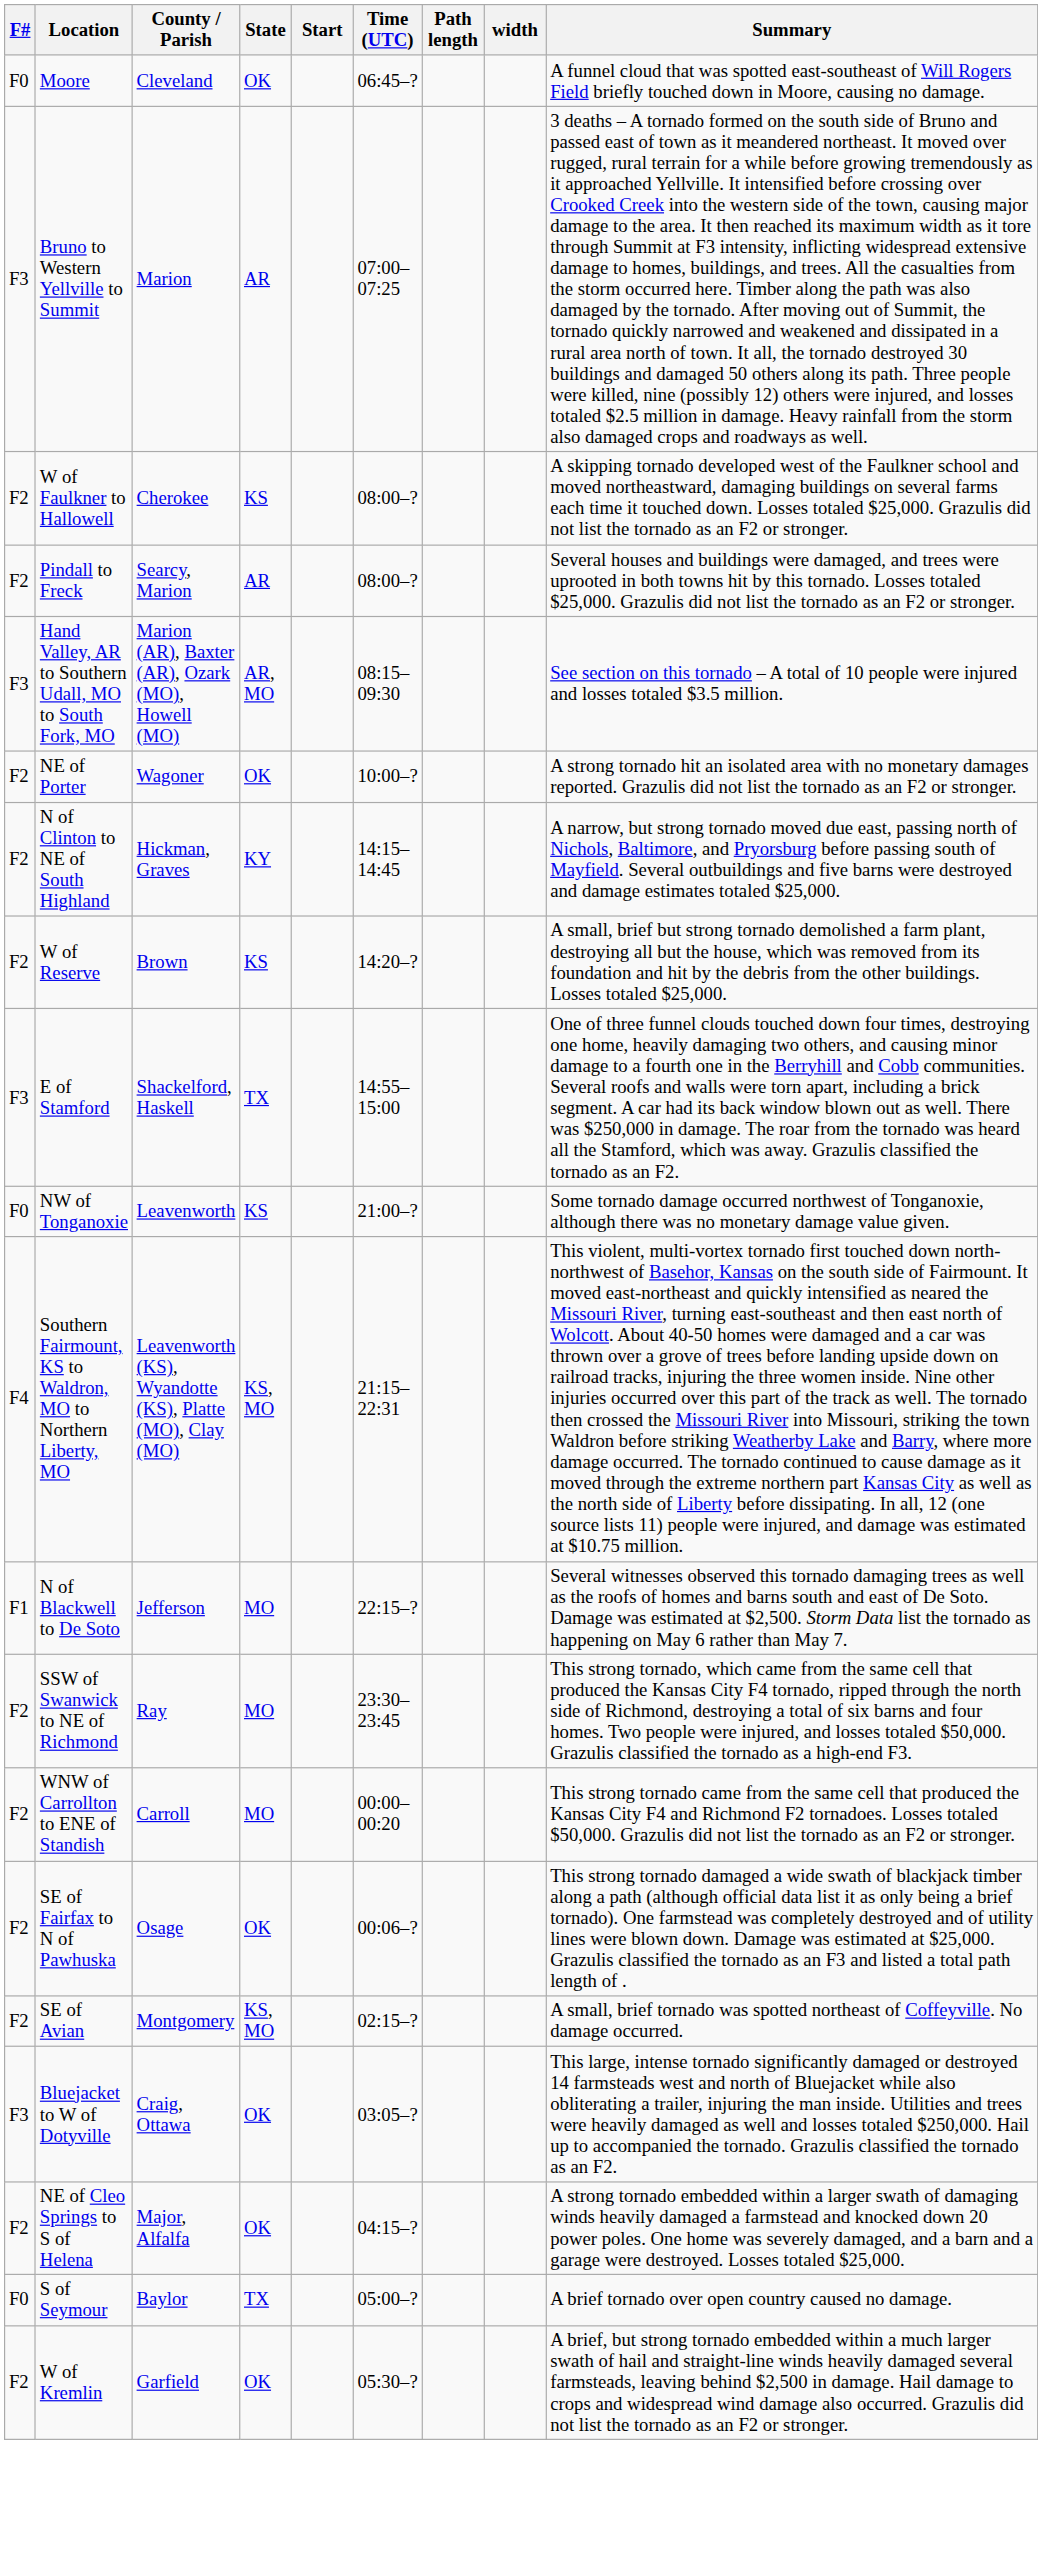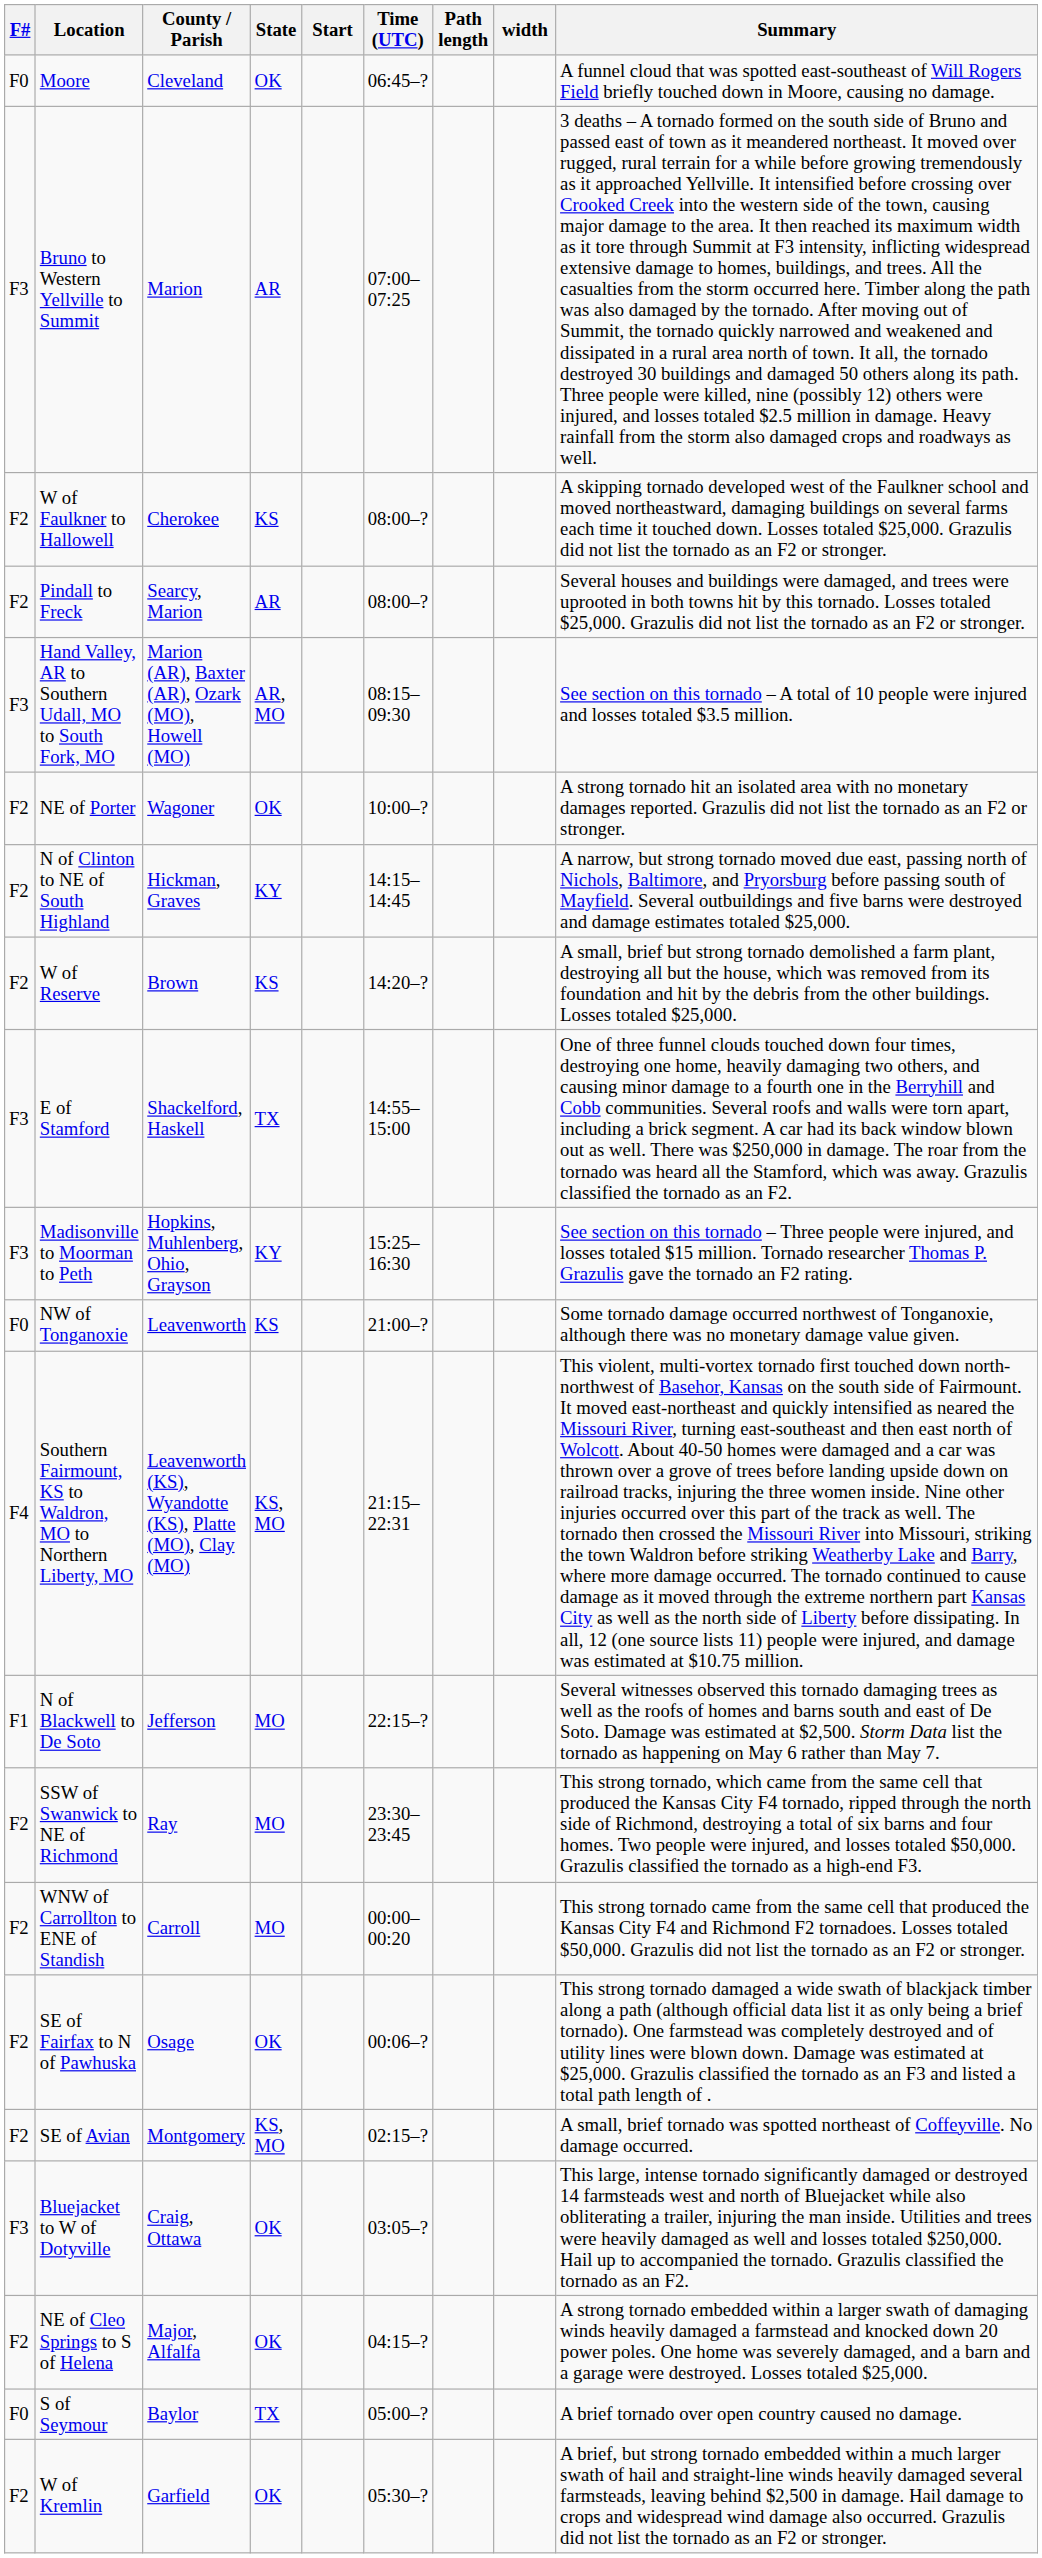 <table class="wikitable sortable" style="width:100%;">
 <tr>
 <th scope="col"  style="width:3%; text-align:center;"><a href='#'>F#</a></th>
 <th scope="col"  style="width:7%; text-align:center;" class="unsortable">Location</th>
 <th scope="col"  style="width:6%; text-align:center;" class="unsortable">County / Parish</th>
 <th scope="col"  style="width:5%; text-align:center;">State</th>
 <th scope="col"  style="width:6%; text-align:center;">Start<br></th>
 <th scope="col"  style="width:6%; text-align:center;">Time (<a href='#'>UTC</a>)</th>
 <th scope="col"  style="width:6%; text-align:center;">Path length</th>
 <th scope="col"  style="width:6%; text-align:center;"> width</th>
 <th scope="col" class="unsortable" style="width:48%; text-align:center;">Summary</th>
 </tr>
 <tr>
 <td>F0</td>
 <td><a href='#'>Moore</a></td>
 <td><a href='#'>Cleveland</a></td>
 <td><a href='#'>OK</a></td>
 <td></td>
 <td>06:45–?</td>
 <td></td>
 <td></td>
 <td>A funnel cloud that was spotted east-southeast of <a href='#'>Will Rogers Field</a> briefly touched down in Moore, causing no damage.</td>
 </tr>
 <tr>
 <td>F3</td>
 <td><a href='#'>Bruno</a> to Western <a href='#'>Yellville</a> to <a href='#'>Summit</a></td>
 <td><a href='#'>Marion</a></td>
 <td><a href='#'>AR</a></td>
 <td></td>
 <td>07:00–07:25</td>
 <td></td>
 <td></td>
 <td>3 deaths – A tornado formed on the south side of Bruno and passed east of town as it meandered northeast. It moved over rugged, rural terrain for a while before growing tremendously as it approached Yellville. It intensified before crossing over <a href='#'>Crooked Creek</a> into the western side of the town, causing major damage to the area. It then reached its maximum width as it tore through Summit at F3 intensity, inflicting widespread extensive damage to homes, buildings, and trees. All the casualties from the storm occurred here. Timber along the path was also damaged by the tornado. After moving out of Summit, the tornado quickly narrowed and weakened and dissipated in a rural area north of town. It all, the tornado destroyed 30 buildings and damaged 50 others along its path. Three people were killed, nine (possibly 12) others were injured, and losses totaled $2.5 million in damage. Heavy rainfall from the storm also damaged crops and roadways as well.</td>
 </tr>
 <tr>
 <td>F2</td>
 <td>W of <a href='#'>Faulkner</a> to <a href='#'>Hallowell</a></td>
 <td><a href='#'>Cherokee</a></td>
 <td><a href='#'>KS</a></td>
 <td></td>
 <td>08:00–?</td>
 <td></td>
 <td></td>
 <td>A skipping tornado developed west of the Faulkner school and moved northeastward, damaging buildings on several farms each time it touched down. Losses totaled $25,000. Grazulis did not list the tornado as an F2 or stronger.</td>
 </tr>
 <tr>
 <td>F2</td>
 <td><a href='#'>Pindall</a> to <a href='#'>Freck</a></td>
 <td><a href='#'>Searcy</a>, <a href='#'>Marion</a></td>
 <td><a href='#'>AR</a></td>
 <td></td>
 <td>08:00–?</td>
 <td></td>
 <td></td>
 <td>Several houses and buildings were damaged, and trees were uprooted in both towns hit by this tornado. Losses totaled $25,000. Grazulis did not list the tornado as an F2 or stronger.</td>
 </tr>
 <tr>
 <td>F3</td>
 <td><a href='#'>Hand Valley, AR</a> to Southern <a href='#'>Udall, MO</a> to <a href='#'>South Fork, MO</a></td>
 <td><a href='#'>Marion (AR)</a>, <a href='#'>Baxter (AR)</a>, <a href='#'>Ozark (MO)</a>, <a href='#'>Howell (MO)</a></td>
 <td><a href='#'>AR</a>, <a href='#'>MO</a></td>
 <td></td>
 <td>08:15–09:30</td>
 <td></td>
 <td></td>
 <td><a href='#'>See section on this tornado</a> – A total of 10 people were injured and losses totaled $3.5 million.</td>
 </tr>
 <tr>
 <td>F2</td>
 <td>NE of <a href='#'>Porter</a></td>
 <td><a href='#'>Wagoner</a></td>
 <td><a href='#'>OK</a></td>
 <td></td>
 <td>10:00–?</td>
 <td></td>
 <td></td>
 <td>A strong tornado hit an isolated area with no monetary damages reported. Grazulis did not list the tornado as an F2 or stronger.</td>
 </tr>
 <tr>
 <td>F2</td>
 <td>N of <a href='#'>Clinton</a> to NE of <a href='#'>South Highland</a></td>
 <td><a href='#'>Hickman</a>, <a href='#'>Graves</a></td>
 <td><a href='#'>KY</a></td>
 <td></td>
 <td>14:15–14:45</td>
 <td></td>
 <td></td>
 <td>A narrow, but strong tornado moved due east, passing north of <a href='#'>Nichols</a>, <a href='#'>Baltimore</a>, and <a href='#'>Pryorsburg</a> before passing south of <a href='#'>Mayfield</a>. Several outbuildings and five barns were destroyed and damage estimates totaled $25,000.</td>
 </tr>
 <tr>
 <td>F2</td>
 <td>W of <a href='#'>Reserve</a></td>
 <td><a href='#'>Brown</a></td>
 <td><a href='#'>KS</a></td>
 <td></td>
 <td>14:20–?</td>
 <td></td>
 <td></td>
 <td>A small, brief but strong tornado demolished a farm plant, destroying all but the house, which was removed from its foundation and hit by the debris from the other buildings. Losses totaled $25,000.</td>
 </tr>
 <tr>
 <td>F3</td>
 <td>E of <a href='#'>Stamford</a></td>
 <td><a href='#'>Shackelford</a>, <a href='#'>Haskell</a></td>
 <td><a href='#'>TX</a></td>
 <td></td>
 <td>14:55–15:00</td>
 <td></td>
 <td></td>
 <td>One of three funnel clouds touched down four times, destroying one home, heavily damaging two others, and causing minor damage to a fourth one in the <a href='#'>Berryhill</a> and <a href='#'>Cobb</a> communities. Several roofs and walls were torn apart, including a  brick segment. A car had its back window blown out as well. There was $250,000 in damage. The roar from the tornado was heard all the Stamford, which was  away. Grazulis classified the tornado as an F2.</td>
+</tr>
+<tr>
+<td>F3</td>
+<td><a href='#'>Madisonville</a> to <a href='#'>Moorman</a> to <a href='#'>Peth</a></td>
+<td><a href='#'>Hopkins</a>, <a href='#'>Muhlenberg</a>, <a href='#'>Ohio</a>, <a href='#'>Grayson</a></td>
+<td><a href='#'>KY</a></td>
+<td></td>
+<td>15:25–16:30</td>
+<td></td>
+<td></td>
+<td><a href='#'>See section on this tornado</a> – Three people were injured, and losses totaled $15 million. Tornado researcher <a href='#'>Thomas P. Grazulis</a> gave the tornado an F2 rating.</td>
 </tr>
 <tr>
 <td>F0</td>
 <td>NW of <a href='#'>Tonganoxie</a></td>
 <td><a href='#'>Leavenworth</a></td>
 <td><a href='#'>KS</a></td>
 <td></td>
 <td>21:00–?</td>
 <td></td>
 <td></td>
 <td>Some tornado damage occurred northwest of Tonganoxie, although there was no monetary damage value given.</td>
 </tr>
 <tr>
 <td>F4</td>
 <td>Southern <a href='#'>Fairmount, KS</a> to <a href='#'>Waldron, MO</a> to Northern <a href='#'>Liberty, MO</a></td>
 <td><a href='#'>Leavenworth (KS)</a>, <a href='#'>Wyandotte (KS)</a>, <a href='#'>Platte (MO)</a>, <a href='#'>Clay (MO)</a></td>
 <td><a href='#'>KS</a>, <a href='#'>MO</a></td>
 <td></td>
 <td>21:15–22:31</td>
 <td></td>
 <td></td>
 <td>This violent, multi-vortex tornado first touched down north-northwest of <a href='#'>Basehor, Kansas</a> on the south side of Fairmount. It moved east-northeast and quickly intensified as neared the <a href='#'>Missouri River</a>, turning east-southeast and then east north of <a href='#'>Wolcott</a>. About 40-50 homes were damaged and a car was thrown  over a  grove of trees before landing upside down on railroad tracks, injuring the three women inside. Nine other injuries occurred over this part of the track as well. The tornado then crossed the <a href='#'>Missouri River</a> into Missouri, striking the town Waldron before striking <a href='#'>Weatherby Lake</a> and <a href='#'>Barry</a>, where more damage occurred. The tornado continued to cause damage as it moved through the extreme northern part <a href='#'>Kansas City</a> as well as the north side of <a href='#'>Liberty</a> before dissipating. In all, 12 (one source lists 11) people were injured, and damage was estimated at $10.75 million.</td>
 </tr>
 <tr>
 <td>F1</td>
 <td>N of <a href='#'>Blackwell</a> to <a href='#'>De Soto</a></td>
 <td><a href='#'>Jefferson</a></td>
 <td><a href='#'>MO</a></td>
 <td></td>
 <td>22:15–?</td>
 <td></td>
 <td></td>
 <td>Several witnesses observed this tornado damaging trees as well as the roofs of homes and barns south and east of De Soto. Damage was estimated at $2,500. <em>Storm Data</em> list the tornado as happening on May 6 rather than May 7.</td>
 </tr>
 <tr>
 <td>F2</td>
 <td>SSW of <a href='#'>Swanwick</a> to NE of <a href='#'>Richmond</a></td>
 <td><a href='#'>Ray</a></td>
 <td><a href='#'>MO</a></td>
 <td></td>
 <td>23:30–23:45</td>
 <td></td>
 <td></td>
 <td>This strong tornado, which came from the same cell that produced the Kansas City F4 tornado, ripped through the north side of Richmond, destroying a total of six barns and four homes. Two people were injured, and losses totaled $50,000. Grazulis classified the tornado as a high-end F3.</td>
 </tr>
 <tr>
 <td>F2</td>
 <td>WNW of <a href='#'>Carrollton</a> to ENE of <a href='#'>Standish</a></td>
 <td><a href='#'>Carroll</a></td>
 <td><a href='#'>MO</a></td>
 <td></td>
 <td>00:00–00:20</td>
 <td></td>
 <td></td>
 <td>This strong tornado came from the same cell that produced the Kansas City F4 and Richmond F2 tornadoes. Losses totaled $50,000. Grazulis did not list the tornado as an F2 or stronger.</td>
 </tr>
 <tr>
 <td>F2</td>
 <td>SE of <a href='#'>Fairfax</a> to N of <a href='#'>Pawhuska</a></td>
 <td><a href='#'>Osage</a></td>
 <td><a href='#'>OK</a></td>
 <td></td>
 <td>00:06–?</td>
 <td></td>
 <td></td>
 <td>This strong tornado damaged a wide swath of blackjack timber along a  path (although official data list it as only being a brief tornado). One farmstead was completely destroyed and  of utility lines were blown down. Damage was estimated at $25,000. Grazulis classified the tornado as an F3 and listed a total path length of .</td>
 </tr>
 <tr>
 <td>F2</td>
 <td>SE of <a href='#'>Avian</a></td>
 <td><a href='#'>Montgomery</a></td>
 <td><a href='#'>KS</a>, <a href='#'>MO</a></td>
 <td></td>
 <td>02:15–?</td>
 <td></td>
 <td></td>
 <td>A small, brief tornado was spotted northeast of <a href='#'>Coffeyville</a>. No damage occurred.</td>
 </tr>
 <tr>
 <td>F3</td>
 <td><a href='#'>Bluejacket</a> to W of <a href='#'>Dotyville</a></td>
 <td><a href='#'>Craig</a>, <a href='#'>Ottawa</a></td>
 <td><a href='#'>OK</a></td>
 <td></td>
 <td>03:05–?</td>
 <td></td>
 <td></td>
 <td>This large, intense tornado significantly damaged or destroyed 14 farmsteads west and north of Bluejacket while also obliterating a trailer, injuring the man inside. Utilities and trees were heavily damaged as well and losses totaled $250,000. Hail up to  accompanied the tornado. Grazulis classified the tornado as an F2.</td>
 </tr>
 <tr>
 <td>F2</td>
 <td>NE of <a href='#'>Cleo Springs</a> to S of <a href='#'>Helena</a></td>
 <td><a href='#'>Major</a>, <a href='#'>Alfalfa</a></td>
 <td><a href='#'>OK</a></td>
 <td></td>
 <td>04:15–?</td>
 <td></td>
 <td></td>
 <td>A strong tornado embedded within a larger swath of damaging winds heavily damaged a farmstead and knocked down 20 power poles. One home was severely damaged, and a barn and a garage were destroyed. Losses totaled $25,000.</td>
 </tr>
 <tr>
 <td>F0</td>
 <td>S of <a href='#'>Seymour</a></td>
 <td><a href='#'>Baylor</a></td>
 <td><a href='#'>TX</a></td>
 <td></td>
 <td>05:00–?</td>
 <td></td>
 <td></td>
 <td>A brief tornado over open country caused no damage.</td>
 </tr>
 <tr>
 <td>F2</td>
 <td>W of <a href='#'>Kremlin</a></td>
 <td><a href='#'>Garfield</a></td>
 <td><a href='#'>OK</a></td>
 <td></td>
 <td>05:30–?</td>
 <td></td>
 <td></td>
 <td>A brief, but strong tornado embedded within a much larger swath of  hail and straight-line winds heavily damaged several farmsteads, leaving behind $2,500 in damage. Hail damage to crops and widespread wind damage also occurred. Grazulis did not list the tornado as an F2 or stronger.</td>
 </tr>
 </table>
